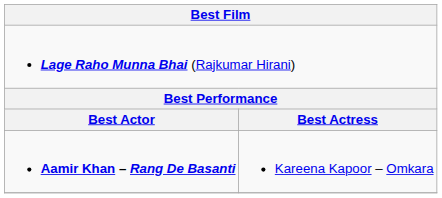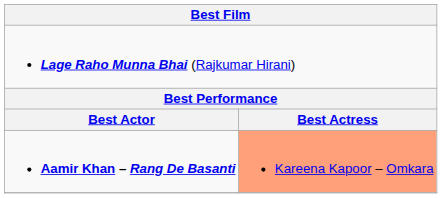 <table class="wikitable">
 <tr>
 <th colspan=2><a href='#'>Best Film</a></th>
 </tr>
 <tr>
 <td colspan=2><br><ul><li><strong><em><a href='#'>Lage Raho Munna Bhai</a></em></strong> (<a href='#'>Rajkumar Hirani</a>)</li></ul></td>
 </tr>
 <tr>
 <th colspan=2><a href='#'>Best Performance</a></th>
 </tr>
 <tr>
 <th><a href='#'>Best Actor</a></th>
 <th><a href='#'>Best Actress</a></th>
 </tr>
 <tr>
 <td><br><ul><li><strong><a href='#'>Aamir Khan</a> – <em><a href='#'>Rang De Basanti</a><strong><em></li></ul></td>
-<td><br><ul><li></strong><a href='#'>Kareena Kapoor</a> – </em><a href='#'>Omkara</a></em></strong></li></ul></td>
+<td style="background: lightsalmon;"><br><ul><li></strong><a href='#'>Kareena Kapoor</a> – </em><a href='#'>Omkara</a></em></strong></li></ul></td>
 </tr>
 <tr>
 </tr>
 </table>
